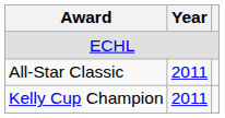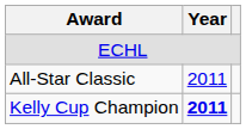 <table class="wikitable">
 <tr>
 <th>Award</th>
 <th>Year</th>
 <th></th>
 </tr>
 <tr ALIGN="center" bgcolor="#e0e0e0">
 <td colspan="3"><a href='#'>ECHL</a></td>
 </tr>
 <tr>
 <td>All-Star Classic</td>
 <td><a href='#'>2011</a></td>
 <td></td>
 </tr>
 <tr>
 <td><a href='#'>Kelly Cup</a> Champion</td>
-<td><a href='#'>2011</a></td>
+<td><strong><a href='#'>2011</a></strong></td>
 <td></td>
 </tr>
 </table>
